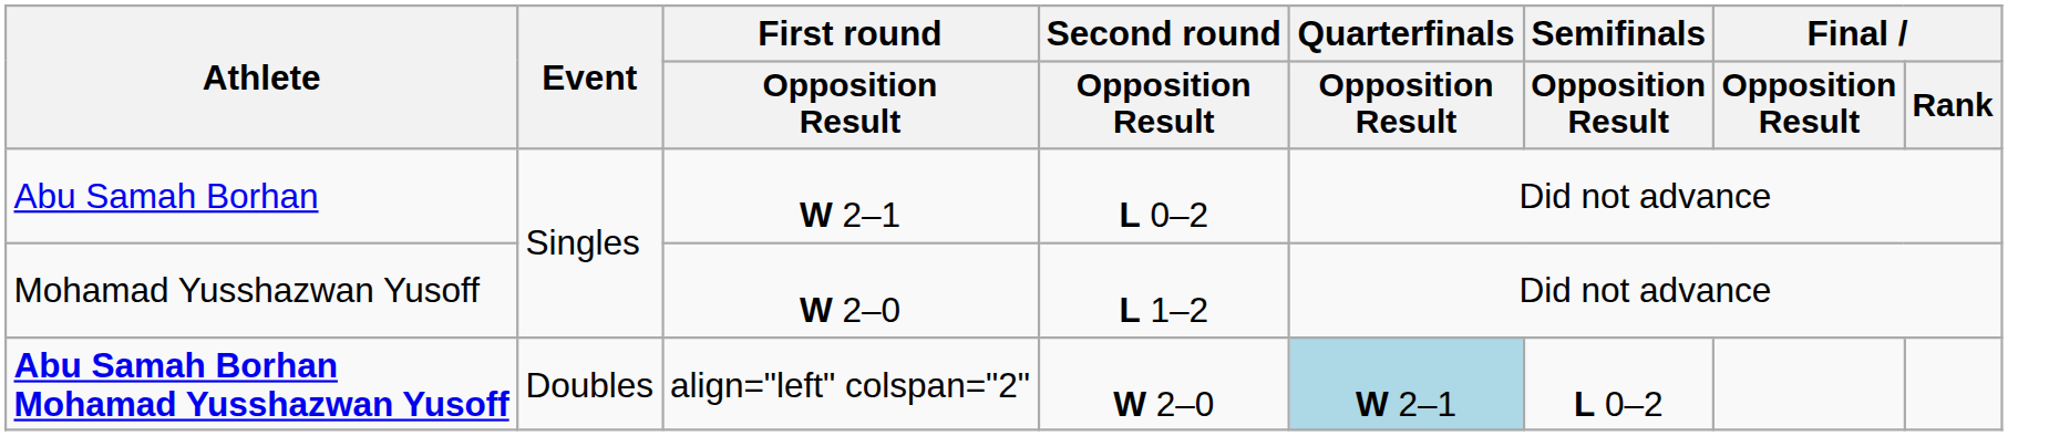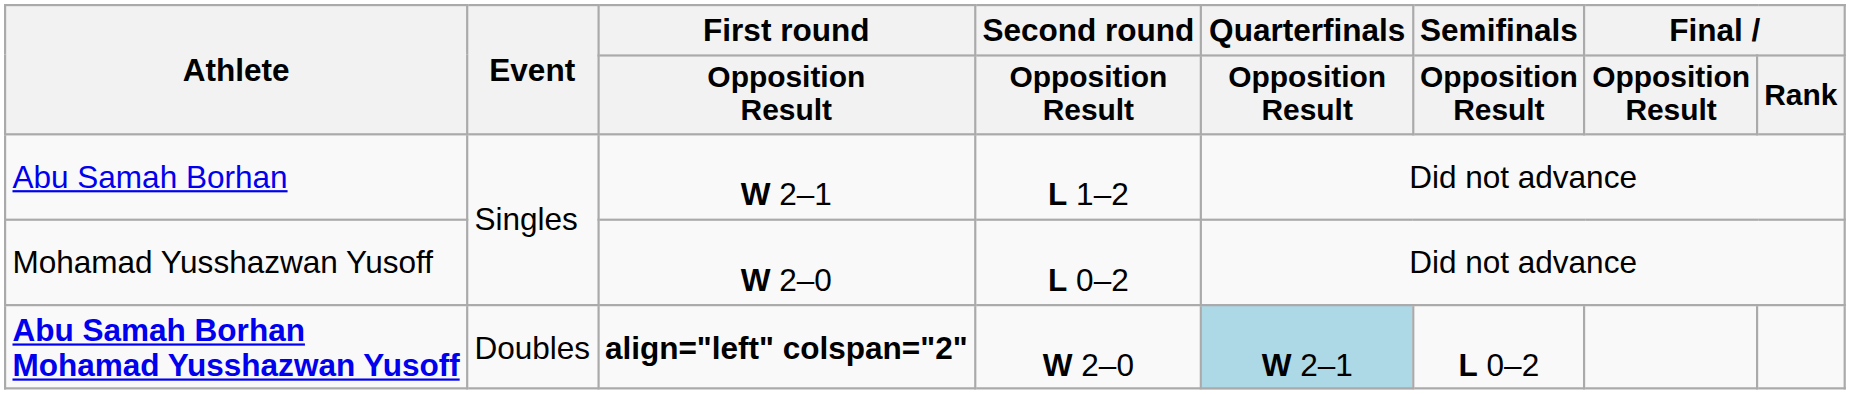 <table class="wikitable" style="font-size:90%;">
 <tr>
 <th rowspan=2>Athlete</th>
 <th rowspan=2>Event</th>
 <th>First round</th>
 <th>Second round</th>
 <th>Quarterfinals</th>
 <th>Semifinals</th>
 <th colspan=2>Final / </th>
 </tr>
 <tr style="font-size:95%">
 <th>Opposition<br>Result</th>
 <th>Opposition<br>Result</th>
 <th>Opposition<br>Result</th>
 <th>Opposition<br>Result</th>
 <th>Opposition<br>Result</th>
 <th>Rank</th>
 </tr>
 <tr align=center>
 <td align=left><a href='#'>Abu Samah Borhan</a></td>
 <td align=left rowspan=2>Singles</td>
 <td><br><strong>W</strong> 2–1</td>
-<td><br><strong>L</strong> 0–2</td>
+<td><br><strong>L</strong> 1–2</td>
 <td colspan=4>Did not advance</td>
 </tr>
 <tr align=center>
 <td align=left>Mohamad Yusshazwan Yusoff</td>
 <td><br><strong>W</strong> 2–0</td>
-<td><br><strong>L</strong> 1–2</td>
+<td><br><strong>L</strong> 0–2</td>
 <td colspan=4>Did not advance</td>
 </tr>
 <tr align=center>
 <td align=left><strong><a href='#'>Abu Samah Borhan</a><br><a href='#'>Mohamad Yusshazwan Yusoff</a></strong></td>
 <td align=left rowspan=2>Doubles</td>
-<td>align="left" colspan="2" </td>
+<td><strong>align="left" colspan="2" </strong></td>
 <td><br><strong>W</strong> 2–0</td>
 <td style="background: lightblue;"><br><strong>W</strong> 2–1</td>
 <td><br><strong>L</strong> 0–2</td>
 <td></td>
 </tr>
 </table>
